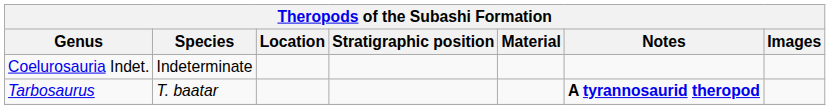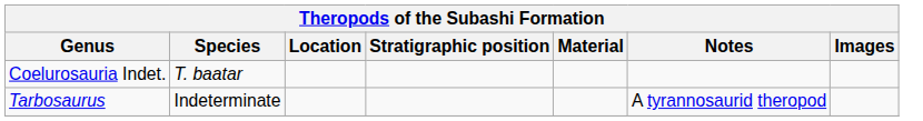 <table class="wikitable" align="center">
 <tr>
 <th colspan="7" align="center"><a href='#'>Theropods</a> of the Subashi Formation</th>
 </tr>
 <tr>
 <th>Genus</th>
 <th>Species</th>
 <th>Location</th>
 <th>Stratigraphic position</th>
 <th>Material</th>
 <th>Notes</th>
 <th>Images</th>
 </tr>
 <tr>
 <td><a href='#'>Coelurosauria</a> Indet.</td>
-<td>Indeterminate</td>
+<td><em>T. baatar</em></td>
 <td></td>
 <td></td>
 <td></td>
 <td></td>
 <td></td>
 </tr>
 <tr>
 <td><em><a href='#'>Tarbosaurus</a></em></td>
-<td><em>T. baatar</em></td>
+<td>Indeterminate</td>
 <td></td>
 <td></td>
 <td></td>
-<td><strong>A <a href='#'>tyrannosaurid</a> <a href='#'>theropod</a></strong></td>
+<td>A <a href='#'>tyrannosaurid</a> <a href='#'>theropod</a></td>
 <td></td>
 </tr>
 <tr>
 </tr>
 </table>
